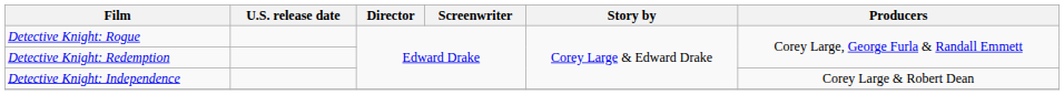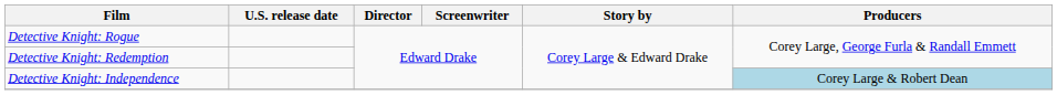 <table class="wikitable plainrowheaders" style="text-align:center" width=100%>
 <tr>
 <th>Film</th>
 <th>U.S. release date</th>
 <th>Director</th>
 <th>Screenwriter</th>
 <th>Story by</th>
 <th>Producers</th>
 </tr>
 <tr>
 <td style="text-align:left"><em><a href='#'>Detective Knight: Rogue</a></em></td>
 <td style="text-align:left"></td>
 <td colspan="2" rowspan="3"><a href='#'>Edward Drake</a></td>
 <td rowspan="3"><a href='#'>Corey Large</a> & Edward Drake</td>
 <td rowspan="2">Corey Large, <a href='#'>George Furla</a> & <a href='#'>Randall Emmett</a></td>
 </tr>
 <tr>
 <td style="text-align:left"><em><a href='#'>Detective Knight: Redemption</a></em></td>
 <td style="text-align:left"></td>
 </tr>
 <tr>
 <td style="text-align:left"><em><a href='#'>Detective Knight: Independence</a></em></td>
 <td style="text-align:left"></td>
-<td>Corey Large & Robert Dean</td>
+<td style="background: lightblue;">Corey Large & Robert Dean</td>
 </tr>
 <tr>
 </tr>
 </table>
